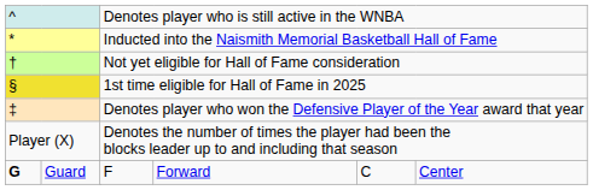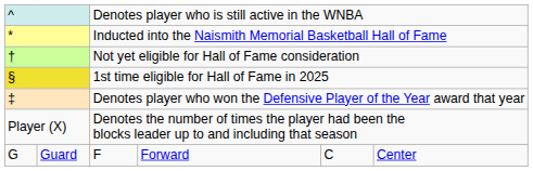 <table class="wikitable">
 <tr>
 <td style="background-color:#CFECEC; width:6em" colspan=2>^</td>
 <td colspan=5>Denotes player who is still active in the WNBA</td>
 </tr>
 <tr>
 <td style="background-color:#FFFF99; width:6em" colspan=2>*</td>
 <td colspan=5>Inducted into the <a href='#'>Naismith Memorial Basketball Hall of Fame</a></td>
 </tr>
 <tr>
 <td style="background:#CCFF99; width:1em" colspan=2>†</td>
 <td colspan=5>Not yet eligible for Hall of Fame consideration</td>
 </tr>
 <tr>
 <td style="background:#F0E130; width:1em" colspan=2>§</td>
 <td colspan=5>1st time eligible for Hall of Fame in 2025</td>
 </tr>
 <tr>
 <td style="background-color:#FFE6BD; border:1px solid #aaaaaa; width:6em" colspan=2>‡</td>
 <td colspan=5>Denotes player who won the <a href='#'>Defensive Player of the Year</a> award that year</td>
 </tr>
 <tr>
 <td colspan=2>Player (X)</td>
 <td colspan=5>Denotes the number of times the player had been the<br>blocks leader up to and including that season</td>
 </tr>
 <tr>
-<td style="width:2em"><strong>G</strong></td>
+<td style="width:2em">G</td>
 <td colspan=2><a href='#'>Guard</a></td>
 <td>F</td>
 <td><a href='#'>Forward</a></td>
 <td>C</td>
 <td><a href='#'>Center</a></td>
 </tr>
 </table>
